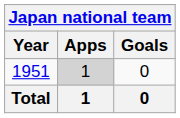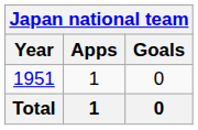 <table class="wikitable" style="text-align:center">
 <tr>
 <th colspan=3><a href='#'>Japan national team</a></th>
 </tr>
 <tr>
 <th>Year</th>
 <th>Apps</th>
 <th>Goals</th>
 </tr>
 <tr>
 <td><a href='#'>1951</a></td>
-<td style="background: lightgrey;">1</td>
+<td>1</td>
 <td>0</td>
 </tr>
 <tr>
 <th>Total</th>
 <th>1</th>
 <th>0</th>
 </tr>
 </table>
